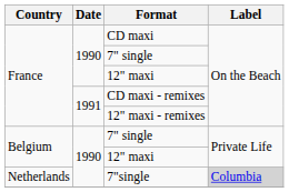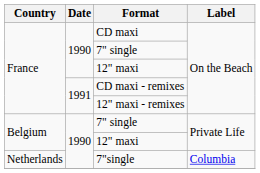 <table class=wikitable>
 <tr>
 <th>Country</th>
 <th>Date</th>
 <th>Format</th>
 <th>Label</th>
 </tr>
 <tr>
 <td rowspan="5">France</td>
 <td rowspan="3">1990</td>
 <td>CD maxi</td>
 <td rowspan="5">On the Beach</td>
 </tr>
 <tr>
 <td>7" single</td>
 </tr>
 <tr>
 <td>12" maxi</td>
 </tr>
 <tr>
 <td rowspan="2">1991</td>
 <td>CD maxi - remixes</td>
 </tr>
 <tr>
 <td>12" maxi - remixes</td>
 </tr>
 <tr>
 <td rowspan="2">Belgium</td>
 <td rowspan="3">1990</td>
 <td>7" single</td>
 <td rowspan="2">Private Life</td>
 </tr>
 <tr>
 <td>12" maxi</td>
 </tr>
 <tr>
 <td>Netherlands</td>
 <td>7"single</td>
-<td style="background: lightgrey;"><a href='#'>Columbia</a></td>
+<td><a href='#'>Columbia</a></td>
 </tr>
 <tr>
 </tr>
 </table>
